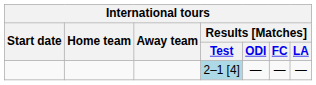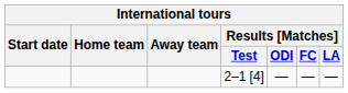 <table class="wikitable">
 <tr>
 <th colspan="7">International tours</th>
 </tr>
 <tr>
 <th rowspan="2">Start date</th>
 <th rowspan="2">Home team</th>
 <th rowspan="2">Away team</th>
 <th colspan="4">Results [Matches]</th>
 </tr>
 <tr>
 <th><a href='#'>Test</a></th>
 <th><a href='#'>ODI</a></th>
 <th><a href='#'>FC</a></th>
 <th><a href='#'>LA</a></th>
 </tr>
 <tr>
 <td><a href='#'></a></td>
 <td></td>
 <td></td>
-<td style="background: lightblue;">2–1 [4]</td>
+<td>2–1 [4]</td>
 <td ; style="text-align:center">—</td>
 <td ; style="text-align:center">—</td>
 <td ; style="text-align:center">—</td>
 </tr>
 </table>
